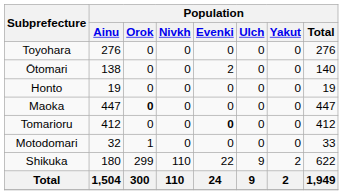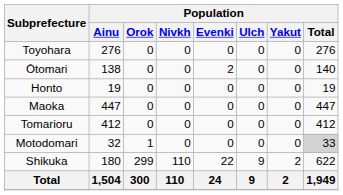 <table class=wikitable align=center>
 <tr ---->
 <th rowspan=2 align=center>Subprefecture</th>
 <th colspan=7 align=center>Population</th>
 </tr>
 <tr ---->
 <th align=center><a href='#'>Ainu</a></th>
 <th align=center><a href='#'>Orok</a></th>
 <th align=center><a href='#'>Nivkh</a></th>
 <th align=center><a href='#'>Evenki</a></th>
 <th align=center><a href='#'>Ulch</a></th>
 <th align=center><a href='#'>Yakut</a></th>
 <th align=center>Total</th>
 </tr>
 <tr ---->
 <td align=center>Toyohara</td>
 <td align=right>276</td>
 <td align=right>0</td>
 <td align=right>0</td>
 <td align=right>0</td>
 <td align=right>0</td>
 <td align=right>0</td>
 <td align=right>276</td>
 </tr>
 <tr ---->
 <td align=center>Ōtomari</td>
 <td align=right>138</td>
 <td align=right>0</td>
 <td align=right>0</td>
 <td align=right>2</td>
 <td align=right>0</td>
 <td align=right>0</td>
 <td align=right>140</td>
 </tr>
 <tr ---->
 <td align=center>Honto</td>
 <td align=right>19</td>
 <td align=right>0</td>
 <td align=right>0</td>
 <td align=right>0</td>
 <td align=right>0</td>
 <td align=right>0</td>
 <td align=right>19</td>
 </tr>
 <tr ---->
 <td align=center>Maoka</td>
 <td align=right>447</td>
-<td align=right><strong>0</strong></td>
+<td align=right>0</td>
 <td align=right>0</td>
 <td align=right>0</td>
 <td align=right>0</td>
 <td align=right>0</td>
 <td align=right>447</td>
 </tr>
 <tr ---->
 <td align=center>Tomarioru</td>
 <td align=right>412</td>
 <td align=right>0</td>
 <td align=right>0</td>
-<td align=right><strong>0</strong></td>
+<td align=right>0</td>
 <td align=right>0</td>
 <td align=right>0</td>
 <td align=right>412</td>
 </tr>
 <tr ---->
 <td align=center>Motodomari</td>
 <td align=right>32</td>
 <td align=right>1</td>
 <td align=right>0</td>
 <td align=right>0</td>
 <td align=right>0</td>
 <td align=right>0</td>
-<td align=right>33</td>
+<td align=right style="background: lightgrey;">33</td>
 </tr>
 <tr ---->
 <td align=center>Shikuka</td>
 <td align=right>180</td>
 <td align=right>299</td>
 <td align=right>110</td>
 <td align=right>22</td>
 <td align=right>9</td>
 <td align=right>2</td>
 <td align=right>622</td>
 </tr>
 <tr ---->
 <th align=center>Total</th>
 <th align=right>1,504</th>
 <th align=right>300</th>
 <th align=right>110</th>
 <th align=right>24</th>
 <th align=right>9</th>
 <th align=right>2</th>
 <th align=right>1,949</th>
 </tr>
 <tr ---->
 </tr>
 </table>
